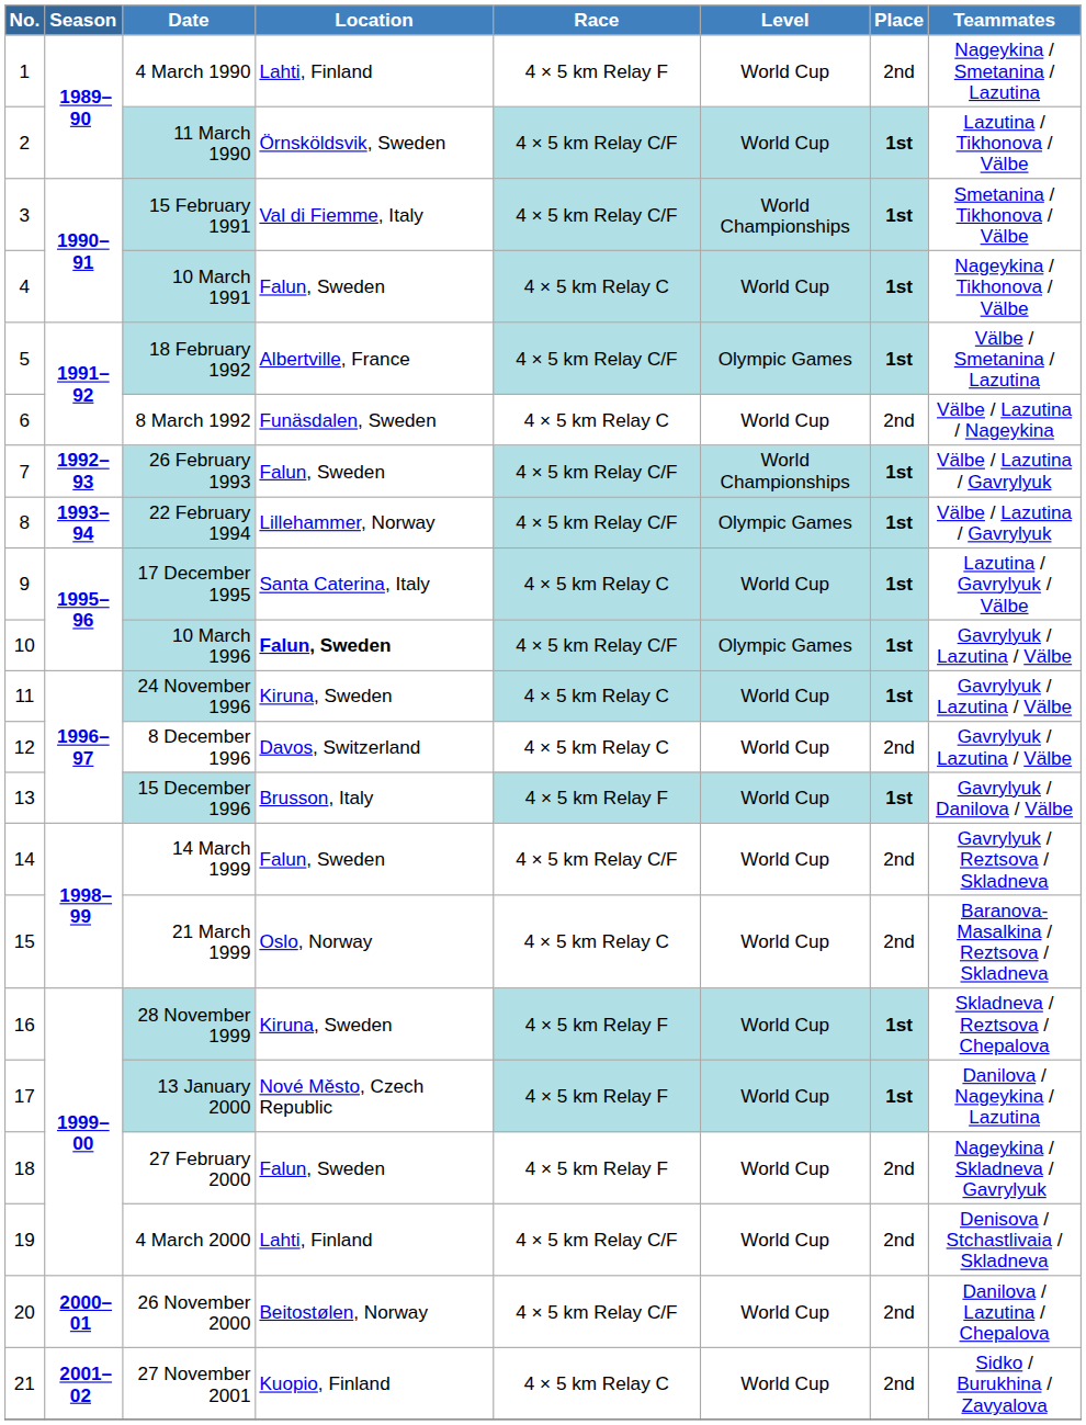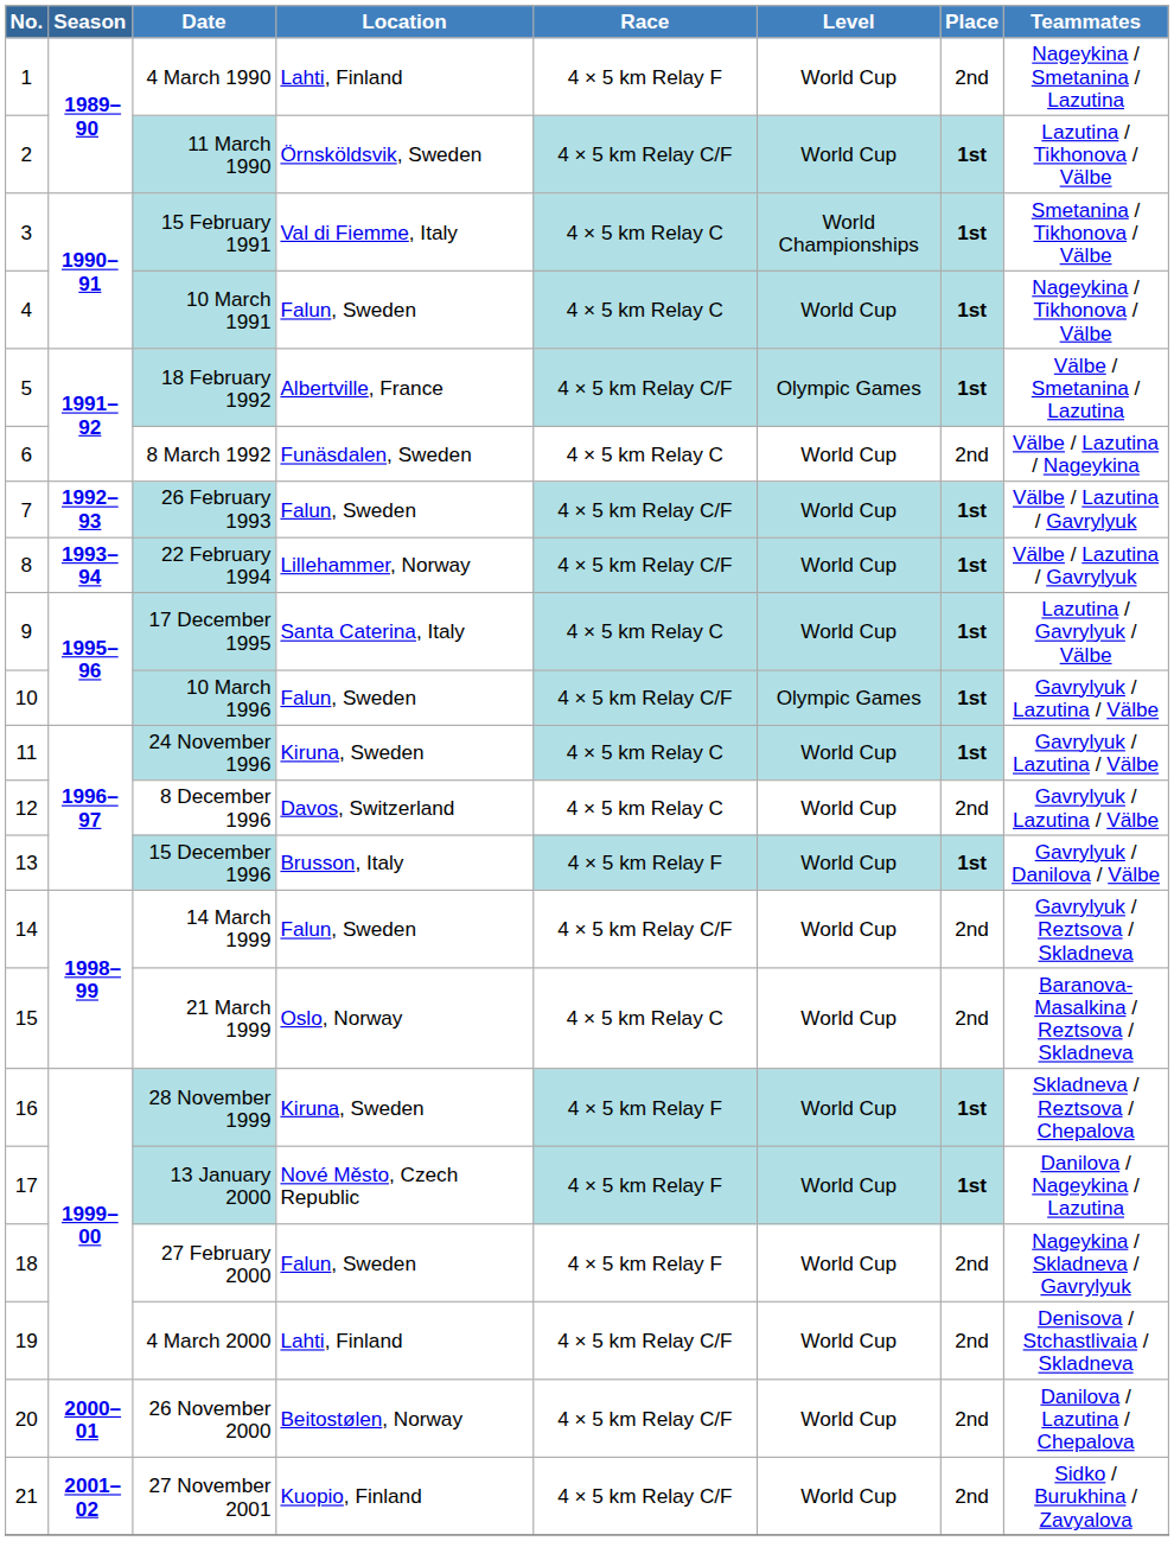 <table class="wikitable sortable" style="font-size:95%; text-align:center; border:grey solid 1px; border-collapse:collapse; background:#ffffff;">
 <tr style="background:#efefef;">
 <th style="background-color:#369; color:white;">No.</th>
 <th style="background-color:#369; color:white;">Season</th>
 <th style="background-color:#4180be; color:white; width:100px;">Date</th>
 <th style="background-color:#4180be; color:white; width:185px;">Location</th>
 <th style="background-color:#4180be; color:white; width:160px;">Race</th>
 <th style="background-color:#4180be; color:white; width:130px;">Level</th>
 <th style="background-color:#4180be; color:white;">Place</th>
 <th style="background-color:#4180be; color:white;">Teammates</th>
 </tr>
 <tr>
 <td align=center>1</td>
 <td rowspan=2 align=center><strong> <a href='#'>1989–90</a> </strong></td>
 <td align=right>4 March 1990</td>
 <td align=left> <a href='#'>Lahti</a>, Finland</td>
 <td>4 × 5 km Relay F</td>
 <td>World Cup</td>
 <td>2nd</td>
 <td><a href='#'>Nageykina</a> / <a href='#'>Smetanina</a> / <a href='#'>Lazutina</a></td>
 </tr>
 <tr>
 <td align=center>2</td>
 <td bgcolor="#BOEOE6" align=right>11 March 1990</td>
 <td align=left> <a href='#'>Örnsköldsvik</a>, Sweden</td>
 <td bgcolor="#BOEOE6">4 × 5 km Relay C/F</td>
 <td bgcolor="#BOEOE6">World Cup</td>
 <td bgcolor="#BOEOE6"><strong>1st</strong></td>
 <td><a href='#'>Lazutina</a> / <a href='#'>Tikhonova</a> / <a href='#'>Välbe</a></td>
 </tr>
 <tr>
 <td align=center>3</td>
 <td rowspan=2 align=center><strong><a href='#'>1990–91</a></strong></td>
 <td bgcolor="#BOEOE6" align=right>15 February 1991</td>
 <td align=left> <a href='#'>Val di Fiemme</a>, Italy</td>
-<td bgcolor="#BOEOE6">4 × 5 km Relay C/F</td>
+<td bgcolor="#BOEOE6">4 × 5 km Relay C</td>
 <td bgcolor="#BOEOE6">World Championships</td>
 <td bgcolor="#BOEOE6"><strong>1st</strong></td>
 <td><a href='#'>Smetanina</a> / <a href='#'>Tikhonova</a> / <a href='#'>Välbe</a></td>
 </tr>
 <tr>
 <td align=center>4</td>
 <td bgcolor="#BOEOE6" align=right>10 March 1991</td>
 <td align=left> <a href='#'>Falun</a>, Sweden</td>
 <td bgcolor="#BOEOE6">4 × 5 km Relay C</td>
 <td bgcolor="#BOEOE6">World Cup</td>
 <td bgcolor="#BOEOE6"><strong>1st</strong></td>
 <td><a href='#'>Nageykina</a> / <a href='#'>Tikhonova</a> / <a href='#'>Välbe</a></td>
 </tr>
 <tr>
 <td align=center>5</td>
 <td rowspan=2 align=center><strong><a href='#'>1991–92</a></strong></td>
 <td bgcolor="#BOEOE6" align=right>18 February 1992</td>
 <td align=left> <a href='#'>Albertville</a>, France</td>
 <td bgcolor="#BOEOE6">4 × 5 km Relay C/F</td>
 <td bgcolor="#BOEOE6">Olympic Games</td>
 <td bgcolor="#BOEOE6"><strong>1st</strong></td>
 <td><a href='#'>Välbe</a> / <a href='#'>Smetanina</a> / <a href='#'>Lazutina</a></td>
 </tr>
 <tr>
 <td align=center>6</td>
 <td align=right>8 March 1992</td>
 <td align=left> <a href='#'>Funäsdalen</a>, Sweden</td>
 <td>4 × 5 km Relay C</td>
 <td>World Cup</td>
 <td>2nd</td>
 <td><a href='#'>Välbe</a> / <a href='#'>Lazutina</a> / <a href='#'>Nageykina</a></td>
 </tr>
 <tr>
 <td align=center>7</td>
 <td rowspan=1 align=center><strong><a href='#'>1992–93</a></strong></td>
 <td bgcolor="#BOEOE6" align=right>26 February 1993</td>
 <td align=left> <a href='#'>Falun</a>, Sweden</td>
 <td bgcolor="#BOEOE6">4 × 5 km Relay C/F</td>
-<td bgcolor="#BOEOE6">World Championships</td>
+<td bgcolor="#BOEOE6">World Cup</td>
 <td bgcolor="#BOEOE6"><strong>1st</strong></td>
 <td><a href='#'>Välbe</a> / <a href='#'>Lazutina</a> / <a href='#'>Gavrylyuk</a></td>
 </tr>
 <tr>
 <td align=center>8</td>
 <td rowspan=1 align=center><strong><a href='#'>1993–94</a></strong></td>
 <td bgcolor="#BOEOE6" align=right>22 February 1994</td>
 <td align=left> <a href='#'>Lillehammer</a>, Norway</td>
 <td bgcolor="#BOEOE6">4 × 5 km Relay C/F</td>
-<td bgcolor="#BOEOE6">Olympic Games</td>
+<td bgcolor="#BOEOE6">World Cup</td>
 <td bgcolor="#BOEOE6"><strong>1st</strong></td>
 <td><a href='#'>Välbe</a> / <a href='#'>Lazutina</a> / <a href='#'>Gavrylyuk</a></td>
 </tr>
 <tr>
 <td align=center>9</td>
 <td rowspan=2 align=center><strong><a href='#'>1995–96</a></strong></td>
 <td bgcolor="#BOEOE6" align=right>17 December 1995</td>
 <td align=left> <a href='#'>Santa Caterina</a>, Italy</td>
 <td bgcolor="#BOEOE6">4 × 5 km Relay C</td>
 <td bgcolor="#BOEOE6">World Cup</td>
 <td bgcolor="#BOEOE6"><strong>1st</strong></td>
 <td><a href='#'>Lazutina</a> / <a href='#'>Gavrylyuk</a> / <a href='#'>Välbe</a></td>
 </tr>
 <tr>
 <td align=center>10</td>
 <td bgcolor="#BOEOE6" align=right>10 March 1996</td>
-<td align=left><strong> <a href='#'>Falun</a>, Sweden</strong></td>
+<td align=left> <a href='#'>Falun</a>, Sweden</td>
 <td bgcolor="#BOEOE6">4 × 5 km Relay C/F</td>
 <td bgcolor="#BOEOE6">Olympic Games</td>
 <td bgcolor="#BOEOE6"><strong>1st</strong></td>
 <td><a href='#'>Gavrylyuk</a> / <a href='#'>Lazutina</a> / <a href='#'>Välbe</a></td>
 </tr>
 <tr>
 <td align=center>11</td>
 <td rowspan=3 align=center><strong><a href='#'>1996–97</a></strong></td>
 <td bgcolor="#BOEOE6" align=right>24 November 1996</td>
 <td align=left> <a href='#'>Kiruna</a>, Sweden</td>
 <td bgcolor="#BOEOE6">4 × 5 km Relay C</td>
 <td bgcolor="#BOEOE6">World Cup</td>
 <td bgcolor="#BOEOE6"><strong>1st</strong></td>
 <td><a href='#'>Gavrylyuk</a> / <a href='#'>Lazutina</a> / <a href='#'>Välbe</a></td>
 </tr>
 <tr>
 <td align=center>12</td>
 <td align=right>8 December 1996</td>
 <td align=left> <a href='#'>Davos</a>, Switzerland</td>
 <td>4 × 5 km Relay C</td>
 <td>World Cup</td>
 <td>2nd</td>
 <td><a href='#'>Gavrylyuk</a> / <a href='#'>Lazutina</a> / <a href='#'>Välbe</a></td>
 </tr>
 <tr>
 <td align=center>13</td>
 <td bgcolor="#BOEOE6" align=right>15 December 1996</td>
 <td align=left> <a href='#'>Brusson</a>, Italy</td>
 <td bgcolor="#BOEOE6">4 × 5 km Relay F</td>
 <td bgcolor="#BOEOE6">World Cup</td>
 <td bgcolor="#BOEOE6"><strong>1st</strong></td>
 <td><a href='#'>Gavrylyuk</a> / <a href='#'>Danilova</a> / <a href='#'>Välbe</a></td>
 </tr>
 <tr>
 <td align=center>14</td>
 <td rowspan=2 align=center><strong> <a href='#'>1998–99</a> </strong></td>
 <td align=right>14 March 1999</td>
 <td align=left> <a href='#'>Falun</a>, Sweden</td>
 <td>4 × 5 km Relay C/F</td>
 <td>World Cup</td>
 <td>2nd</td>
 <td><a href='#'>Gavrylyuk</a> / <a href='#'>Reztsova</a> / <a href='#'>Skladneva</a></td>
 </tr>
 <tr>
 <td align=center>15</td>
 <td align=right>21 March 1999</td>
 <td align=left> <a href='#'>Oslo</a>, Norway</td>
 <td>4 × 5 km Relay C</td>
 <td>World Cup</td>
 <td>2nd</td>
 <td><a href='#'>Baranova-Masalkina</a> / <a href='#'>Reztsova</a> / <a href='#'>Skladneva</a></td>
 </tr>
 <tr>
 <td align=center>16</td>
 <td rowspan=4 align=center><strong><a href='#'>1999–00</a></strong></td>
 <td bgcolor="#BOEOE6" align=right>28 November 1999</td>
 <td align=left> <a href='#'>Kiruna</a>, Sweden</td>
 <td bgcolor="#BOEOE6">4 × 5 km Relay F</td>
 <td bgcolor="#BOEOE6">World Cup</td>
 <td bgcolor="#BOEOE6"><strong>1st</strong></td>
 <td><a href='#'>Skladneva</a> / <a href='#'>Reztsova</a> / <a href='#'>Chepalova</a></td>
 </tr>
 <tr>
 <td align=center>17</td>
 <td bgcolor="#BOEOE6" align=right>13 January 2000</td>
 <td align=left> <a href='#'>Nové Město</a>, Czech Republic</td>
 <td bgcolor="#BOEOE6">4 × 5 km Relay F</td>
 <td bgcolor="#BOEOE6">World Cup</td>
 <td bgcolor="#BOEOE6"><strong>1st</strong></td>
 <td><a href='#'>Danilova</a> / <a href='#'>Nageykina</a> / <a href='#'>Lazutina</a></td>
 </tr>
 <tr>
 <td align=center>18</td>
 <td align=right>27 February 2000</td>
 <td align=left> <a href='#'>Falun</a>, Sweden</td>
 <td>4 × 5 km Relay F</td>
 <td>World Cup</td>
 <td>2nd</td>
 <td><a href='#'>Nageykina</a> / <a href='#'>Skladneva</a> / <a href='#'>Gavrylyuk</a></td>
 </tr>
 <tr>
 <td align=center>19</td>
 <td align=right>4 March 2000</td>
 <td align=left> <a href='#'>Lahti</a>, Finland</td>
 <td>4 × 5 km Relay C/F</td>
 <td>World Cup</td>
 <td>2nd</td>
 <td><a href='#'>Denisova</a> / <a href='#'>Stchastlivaia</a> / <a href='#'>Skladneva</a></td>
 </tr>
 <tr>
 <td align=center>20</td>
 <td rowspan=1 align=center><strong> <a href='#'>2000–01</a> </strong></td>
 <td align=right>26 November 2000</td>
 <td align=left> <a href='#'>Beitostølen</a>, Norway</td>
 <td>4 × 5 km Relay C/F</td>
 <td>World Cup</td>
 <td>2nd</td>
 <td><a href='#'>Danilova</a> / <a href='#'>Lazutina</a> / <a href='#'>Chepalova</a></td>
 </tr>
 <tr>
 <td align=center>21</td>
 <td rowspan=1 align=center><strong> <a href='#'>2001–02</a> </strong></td>
 <td align=right>27 November 2001</td>
 <td align=left> <a href='#'>Kuopio</a>, Finland</td>
-<td>4 × 5 km Relay C</td>
+<td>4 × 5 km Relay C/F</td>
 <td>World Cup</td>
 <td>2nd</td>
 <td><a href='#'>Sidko</a> / <a href='#'>Burukhina</a> / <a href='#'>Zavyalova</a></td>
 </tr>
 <tr>
 </tr>
 </table>
